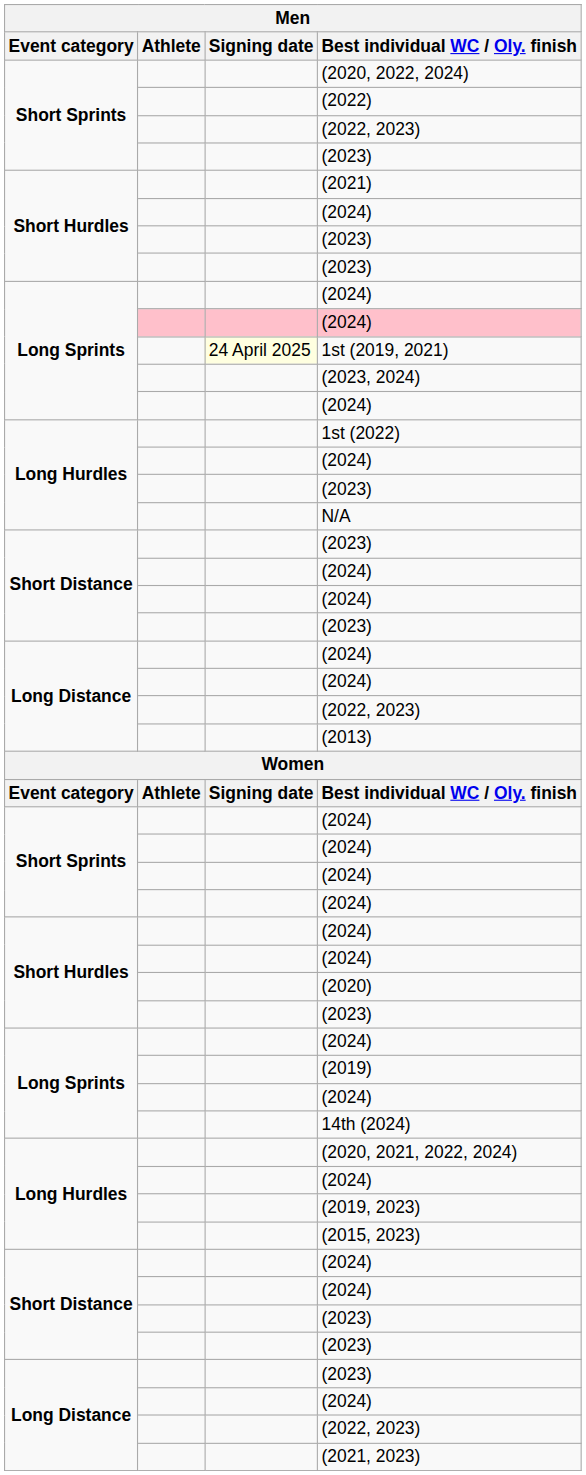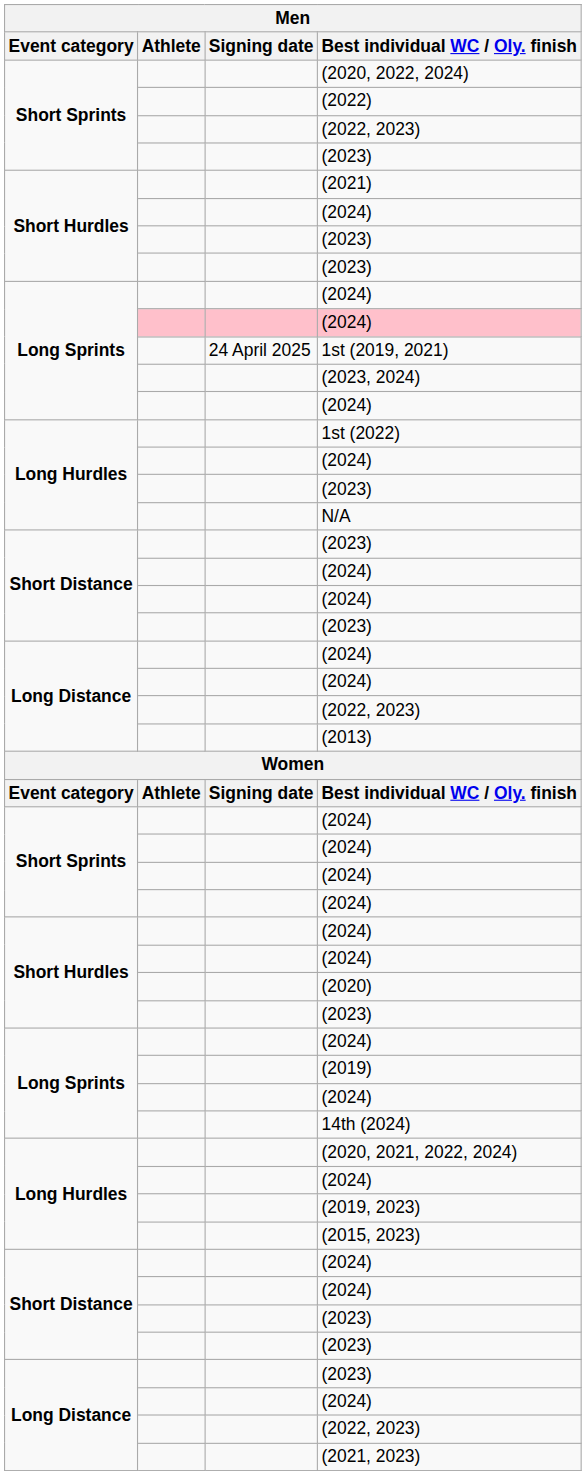 <table class="wikitable sortable">
 <tr>
 <th colspan="4">Men</th>
 </tr>
 <tr>
 <th>Event category</th>
 <th>Athlete</th>
 <th>Signing date</th>
 <th>Best individual <a href='#'>WC</a> / <a href='#'>Oly.</a> finish</th>
 </tr>
 <tr>
 <td rowspan="4" align="center"><strong>Short Sprints</strong></td>
 <td></td>
 <td></td>
 <td> (2020, 2022, 2024)</td>
 </tr>
 <tr>
 <td></td>
 <td></td>
 <td> (2022)</td>
 </tr>
 <tr>
 <td></td>
 <td></td>
 <td> (2022, 2023)</td>
 </tr>
 <tr>
 <td></td>
 <td></td>
 <td> (2023)</td>
 </tr>
 <tr>
 <td rowspan="4" align="center"><strong>Short Hurdles</strong></td>
 <td></td>
 <td></td>
 <td> (2021)</td>
 </tr>
 <tr>
 <td></td>
 <td></td>
 <td> (2024)</td>
 </tr>
 <tr>
 <td></td>
 <td></td>
 <td> (2023)</td>
 </tr>
 <tr>
 <td></td>
 <td></td>
 <td> (2023)</td>
 </tr>
 <tr>
 <td rowspan="5" align="center"><strong>Long Sprints</strong></td>
 <td></td>
 <td></td>
 <td> (2024)</td>
 </tr>
 <tr bgcolor=pink>
 <td> </td>
 <td></td>
 <td> (2024)</td>
 </tr>
 <tr>
 <td></td>
-<td style="background: lightyellow;">24 April 2025</td>
+<td>24 April 2025</td>
 <td>1st (2019, 2021)</td>
 </tr>
 <tr>
 <td></td>
 <td></td>
 <td> (2023, 2024)</td>
 </tr>
 <tr>
 <td></td>
 <td></td>
 <td> (2024)</td>
 </tr>
 <tr>
 <td rowspan="4" align="center"><strong>Long Hurdles</strong></td>
 <td></td>
 <td></td>
 <td>1st (2022)</td>
 </tr>
 <tr>
 <td></td>
 <td></td>
 <td> (2024)</td>
 </tr>
 <tr>
 <td></td>
 <td></td>
 <td> (2023)</td>
 </tr>
 <tr>
 <td></td>
 <td></td>
 <td>N/A</td>
 </tr>
 <tr>
 <td rowspan="4" align="center"><strong>Short Distance</strong></td>
 <td></td>
 <td></td>
 <td> (2023)</td>
 </tr>
 <tr>
 <td></td>
 <td></td>
 <td> (2024)</td>
 </tr>
 <tr>
 <td></td>
 <td></td>
 <td> (2024)</td>
 </tr>
 <tr>
 <td></td>
 <td></td>
 <td> (2023)</td>
 </tr>
 <tr>
 <td rowspan="4" align="center"><strong>Long Distance</strong></td>
 <td></td>
 <td></td>
 <td> (2024)</td>
 </tr>
 <tr>
 <td></td>
 <td></td>
 <td> (2024)</td>
 </tr>
 <tr>
 <td></td>
 <td></td>
 <td> (2022, 2023)</td>
 </tr>
 <tr>
 <td></td>
 <td></td>
 <td> (2013)</td>
 </tr>
 <tr>
 <th colspan="4">Women</th>
 </tr>
 <tr>
 <th>Event category</th>
 <th>Athlete</th>
 <th>Signing date</th>
 <th>Best individual <a href='#'>WC</a> / <a href='#'>Oly.</a> finish</th>
 </tr>
 <tr>
 <td rowspan="4" align="center"><strong>Short Sprints</strong></td>
 <td></td>
 <td></td>
 <td> (2024)</td>
 </tr>
 <tr>
 <td></td>
 <td></td>
 <td> (2024)</td>
 </tr>
 <tr>
 <td></td>
 <td></td>
 <td> (2024)</td>
 </tr>
 <tr>
 <td></td>
 <td></td>
 <td> (2024)</td>
 </tr>
 <tr>
 <td rowspan="4" align="center"><strong>Short Hurdles</strong></td>
 <td></td>
 <td></td>
 <td> (2024)</td>
 </tr>
 <tr>
 <td></td>
 <td></td>
 <td> (2024)</td>
 </tr>
 <tr>
 <td></td>
 <td></td>
 <td> (2020)</td>
 </tr>
 <tr>
 <td></td>
 <td></td>
 <td> (2023)</td>
 </tr>
 <tr>
 <td rowspan="4" align="center"><strong>Long Sprints</strong></td>
 <td></td>
 <td></td>
 <td> (2024)</td>
 </tr>
 <tr>
 <td></td>
 <td></td>
 <td> (2019)</td>
 </tr>
 <tr>
 <td></td>
 <td></td>
 <td> (2024)</td>
 </tr>
 <tr>
 <td></td>
 <td></td>
 <td>14th  (2024)</td>
 </tr>
 <tr>
 <td rowspan="4" align="center"><strong>Long Hurdles</strong></td>
 <td></td>
 <td></td>
 <td> (2020, 2021, 2022, 2024)</td>
 </tr>
 <tr>
 <td></td>
 <td></td>
 <td> (2024)</td>
 </tr>
 <tr>
 <td></td>
 <td></td>
 <td> (2019, 2023)</td>
 </tr>
 <tr>
 <td></td>
 <td></td>
 <td> (2015, 2023)</td>
 </tr>
 <tr>
 <td rowspan="4" align="center"><strong>Short Distance</strong></td>
 <td></td>
 <td></td>
 <td> (2024)</td>
 </tr>
 <tr>
 <td></td>
 <td></td>
 <td> (2024)</td>
 </tr>
 <tr>
 <td></td>
 <td></td>
 <td> (2023)</td>
 </tr>
 <tr>
 <td></td>
 <td></td>
 <td> (2023)</td>
 </tr>
 <tr>
 <td rowspan="4" align="center"><strong>Long Distance</strong></td>
 <td></td>
 <td></td>
 <td> (2023)</td>
 </tr>
 <tr>
 <td></td>
 <td></td>
 <td> (2024)</td>
 </tr>
 <tr>
 <td></td>
 <td></td>
 <td> (2022, 2023)</td>
 </tr>
 <tr>
 <td></td>
 <td></td>
 <td> (2021, 2023)</td>
 </tr>
 </table>
